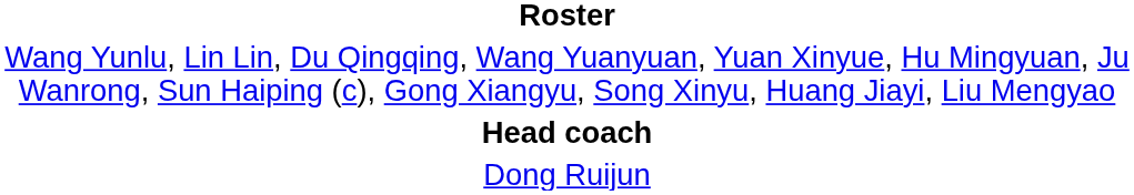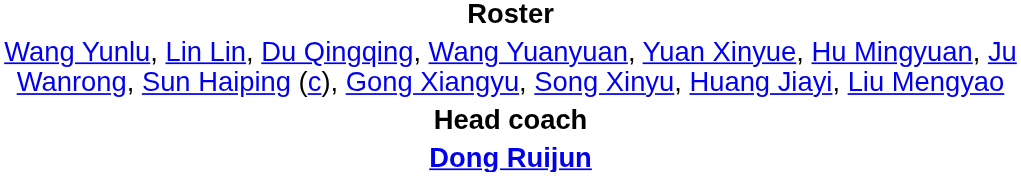 <table style="text-align: center; margin-top: 2em; margin-left: auto; margin-right: auto">
 <tr>
 <td><strong>Roster</strong></td>
 </tr>
 <tr>
 <td><a href='#'>Wang Yunlu</a>, <a href='#'>Lin Lin</a>, <a href='#'>Du Qingqing</a>, <a href='#'>Wang Yuanyuan</a>, <a href='#'>Yuan Xinyue</a>, <a href='#'>Hu Mingyuan</a>, <a href='#'>Ju Wanrong</a>, <a href='#'>Sun Haiping</a> (<a href='#'>c</a>), <a href='#'>Gong Xiangyu</a>, <a href='#'>Song Xinyu</a>, <a href='#'>Huang Jiayi</a>, <a href='#'>Liu Mengyao</a></td>
 </tr>
 <tr>
 <td><strong>Head coach</strong></td>
 </tr>
 <tr>
-<td><a href='#'>Dong Ruijun</a></td>
+<td><strong><a href='#'>Dong Ruijun</a></strong></td>
 </tr>
 </table>
